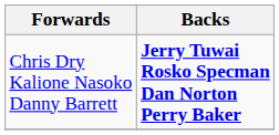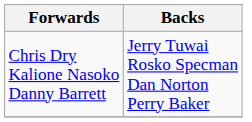 <table class="wikitable">
 <tr>
 <th>Forwards</th>
 <th>Backs</th>
 </tr>
 <tr>
 <td> <a href='#'>Chris Dry</a> <br>  <a href='#'>Kalione Nasoko</a> <br>  <a href='#'>Danny Barrett</a></td>
-<td><strong> <a href='#'>Jerry Tuwai</a> <br>  <a href='#'>Rosko Specman</a> <br>  <a href='#'>Dan Norton</a> <br>  <a href='#'>Perry Baker</a></strong></td>
+<td> <a href='#'>Jerry Tuwai</a> <br>  <a href='#'>Rosko Specman</a> <br>  <a href='#'>Dan Norton</a> <br>  <a href='#'>Perry Baker</a></td>
 </tr>
 <tr>
 </tr>
 </table>
